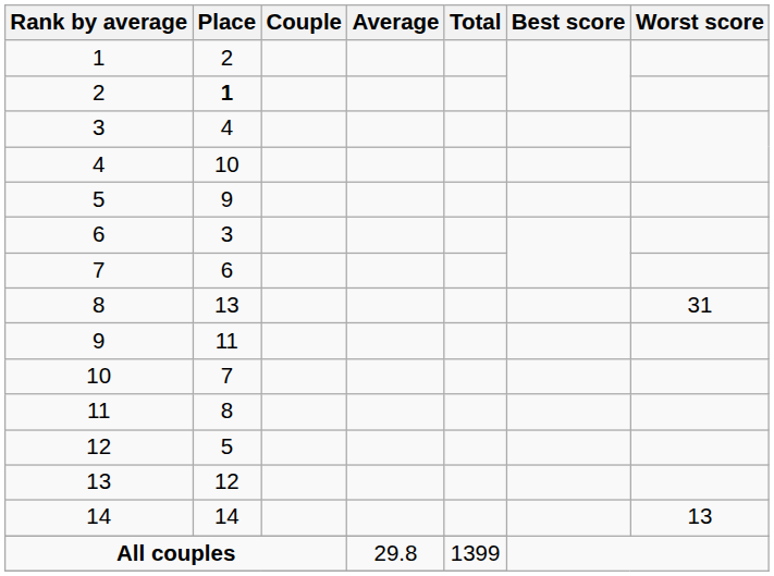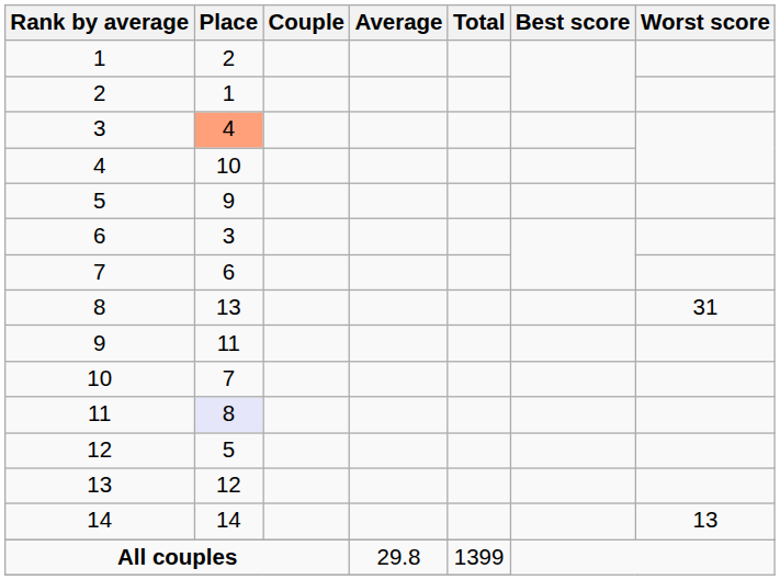 <table class="sortable wikitable" style="text-align:center">
 <tr>
 <th>Rank by average</th>
 <th>Place</th>
 <th>Couple</th>
 <th>Average</th>
 <th>Total</th>
 <th>Best score</th>
 <th>Worst score</th>
 </tr>
 <tr>
 <td>1</td>
 <td>2</td>
 <td></td>
 <td></td>
 <td></td>
 <td rowspan="2"></td>
 <td></td>
 </tr>
 <tr>
 <td>2</td>
-<td><strong>1</strong></td>
+<td>1</td>
 <td></td>
 <td></td>
 <td></td>
 <td></td>
 </tr>
 <tr>
 <td>3</td>
-<td>4</td>
+<td style="background: lightsalmon;">4</td>
 <td></td>
 <td></td>
 <td></td>
 <td></td>
 <td rowspan="2"></td>
 </tr>
 <tr>
 <td>4</td>
 <td>10</td>
 <td></td>
 <td></td>
 <td></td>
 <td></td>
 </tr>
 <tr>
 <td>5</td>
 <td>9</td>
 <td></td>
 <td></td>
 <td></td>
 <td></td>
 <td></td>
 </tr>
 <tr>
 <td>6</td>
 <td>3</td>
 <td></td>
 <td></td>
 <td></td>
 <td rowspan="2"></td>
 <td></td>
 </tr>
 <tr>
 <td>7</td>
 <td>6</td>
 <td></td>
 <td></td>
 <td></td>
 <td></td>
 </tr>
 <tr>
 <td>8</td>
 <td>13</td>
 <td></td>
 <td></td>
 <td></td>
 <td></td>
 <td>31</td>
 </tr>
 <tr>
 <td>9</td>
 <td>11</td>
 <td></td>
 <td></td>
 <td></td>
 <td></td>
 <td></td>
 </tr>
 <tr>
 <td>10</td>
 <td>7</td>
 <td></td>
 <td></td>
 <td></td>
 <td></td>
 <td></td>
 </tr>
 <tr>
 <td>11</td>
-<td>8</td>
+<td style="background: lavender;">8</td>
 <td></td>
 <td></td>
 <td></td>
 <td></td>
 <td></td>
 </tr>
 <tr>
 <td>12</td>
 <td>5</td>
 <td></td>
 <td></td>
 <td></td>
 <td></td>
 <td></td>
 </tr>
 <tr>
 <td>13</td>
 <td>12</td>
 <td></td>
 <td></td>
 <td></td>
 <td></td>
 <td></td>
 </tr>
 <tr>
 <td>14</td>
 <td>14</td>
 <td></td>
 <td></td>
 <td></td>
 <td></td>
 <td>13</td>
 </tr>
 <tr>
 </tr>
 <tr>
 <td colspan=3><strong>All couples</strong></td>
 <td>29.8</td>
 <td>1399</td>
 </tr>
 <tr>
 </tr>
 </table>
